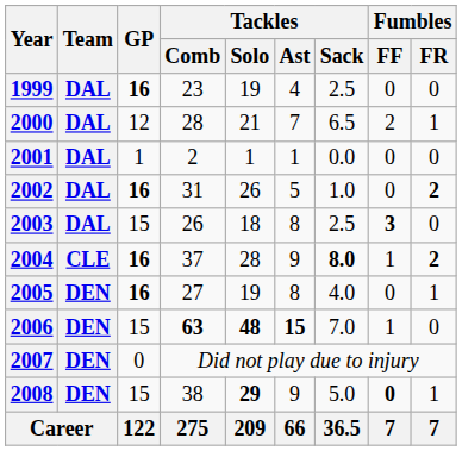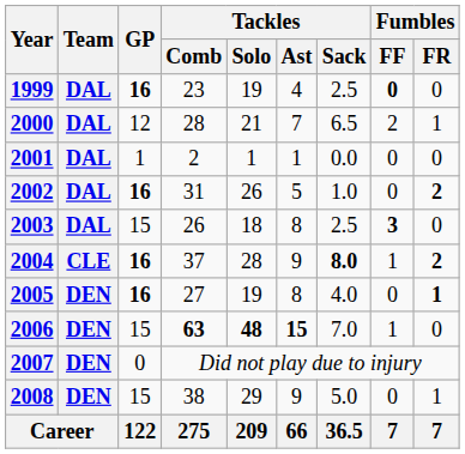 <table class="wikitable" style="text-align:center">
 <tr>
 <th rowspan="2">Year</th>
 <th rowspan="2">Team</th>
 <th rowspan="2">GP</th>
 <th colspan="4">Tackles</th>
 <th colspan="2">Fumbles</th>
 </tr>
 <tr>
 <th>Comb</th>
 <th>Solo</th>
 <th>Ast</th>
 <th>Sack</th>
 <th>FF</th>
 <th>FR</th>
 </tr>
 <tr>
 <th><a href='#'>1999</a></th>
 <th><a href='#'>DAL</a></th>
 <td><strong>16</strong></td>
 <td>23</td>
 <td>19</td>
 <td>4</td>
 <td>2.5</td>
-<td>0</td>
+<td><strong>0</strong></td>
 <td>0</td>
 </tr>
 <tr>
 <th><a href='#'>2000</a></th>
 <th><a href='#'>DAL</a></th>
 <td>12</td>
 <td>28</td>
 <td>21</td>
 <td>7</td>
 <td>6.5</td>
 <td>2</td>
 <td>1</td>
 </tr>
 <tr>
 <th><a href='#'>2001</a></th>
 <th><a href='#'>DAL</a></th>
 <td>1</td>
 <td>2</td>
 <td>1</td>
 <td>1</td>
 <td>0.0</td>
 <td>0</td>
 <td>0</td>
 </tr>
 <tr>
 <th><a href='#'>2002</a></th>
 <th><a href='#'>DAL</a></th>
 <td><strong>16</strong></td>
 <td>31</td>
 <td>26</td>
 <td>5</td>
 <td>1.0</td>
 <td>0</td>
 <td><strong>2</strong></td>
 </tr>
 <tr>
 <th><a href='#'>2003</a></th>
 <th><a href='#'>DAL</a></th>
 <td>15</td>
 <td>26</td>
 <td>18</td>
 <td>8</td>
 <td>2.5</td>
 <td><strong>3</strong></td>
 <td>0</td>
 </tr>
 <tr>
 <th><a href='#'>2004</a></th>
 <th><a href='#'>CLE</a></th>
 <td><strong>16</strong></td>
 <td>37</td>
 <td>28</td>
 <td>9</td>
 <td><strong>8.0</strong></td>
 <td>1</td>
 <td><strong>2</strong></td>
 </tr>
 <tr>
 <th><a href='#'>2005</a></th>
 <th><a href='#'>DEN</a></th>
 <td><strong>16</strong></td>
 <td>27</td>
 <td>19</td>
 <td>8</td>
 <td>4.0</td>
 <td>0</td>
-<td>1</td>
+<td><strong>1</strong></td>
 </tr>
 <tr>
 <th><a href='#'>2006</a></th>
 <th><a href='#'>DEN</a></th>
 <td>15</td>
 <td><strong>63</strong></td>
 <td><strong>48</strong></td>
 <td><strong>15</strong></td>
 <td>7.0</td>
 <td>1</td>
 <td>0</td>
 </tr>
 <tr>
 <th><a href='#'>2007</a></th>
 <th><a href='#'>DEN</a></th>
 <td>0</td>
 <td colspan="6"><em>Did not play due to injury</em></td>
 </tr>
 <tr>
 <th><a href='#'>2008</a></th>
 <th><a href='#'>DEN</a></th>
 <td>15</td>
 <td>38</td>
-<td><strong>29</strong></td>
+<td>29</td>
 <td>9</td>
 <td>5.0</td>
-<td><strong>0</strong></td>
+<td>0</td>
 <td>1</td>
 </tr>
 <tr>
 <th colspan="2">Career</th>
 <th>122</th>
 <th>275</th>
 <th>209</th>
 <th>66</th>
 <th>36.5</th>
 <th>7</th>
 <th>7</th>
 </tr>
 </table>
